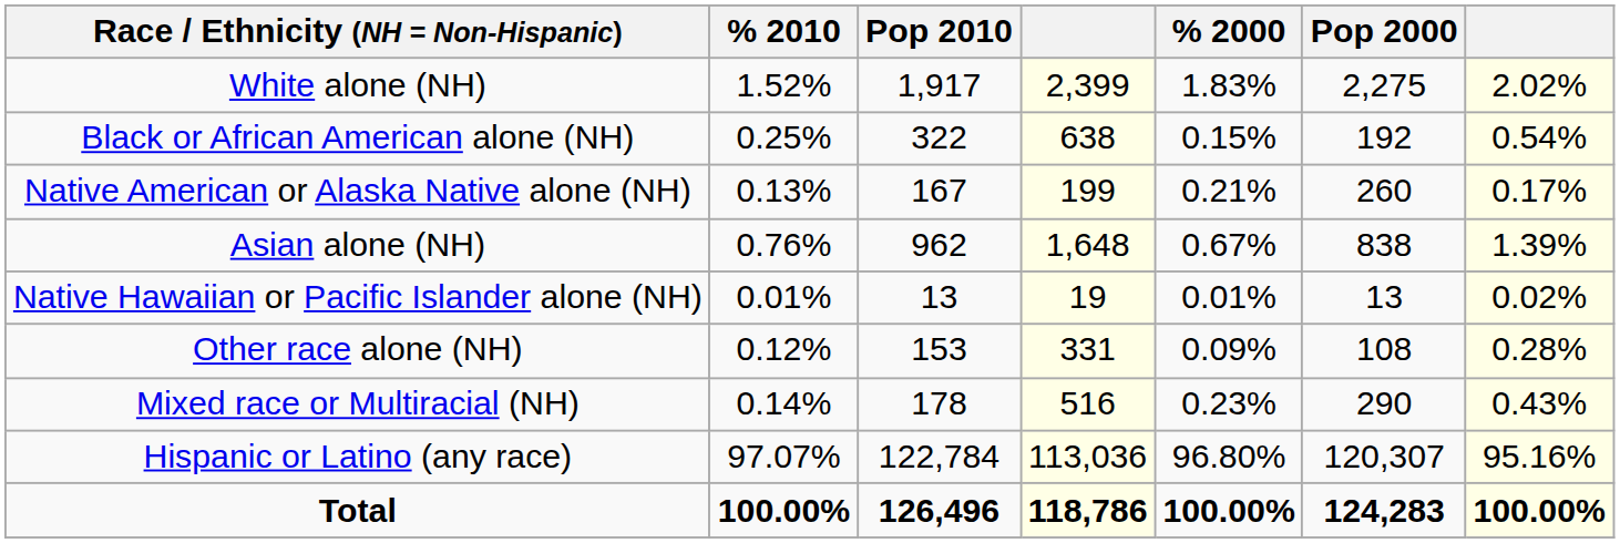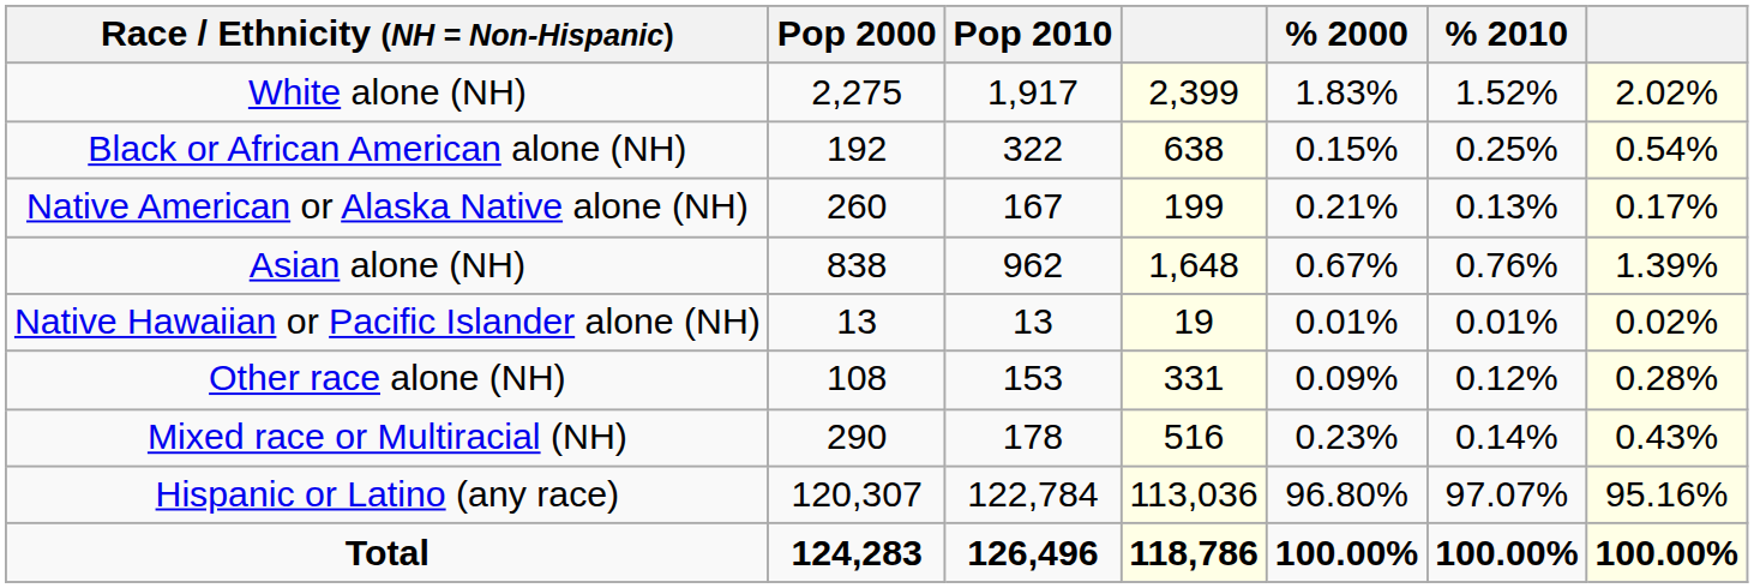 <table class="wikitable" style="text-align:center;">
 <tr>
 <th>Race / Ethnicity <small>(<em>NH = Non-Hispanic</em>)</small></th>
-<th>% 2010</th>
+<th>Pop 2000</th>
 <th>Pop 2010</th>
 <th></th>
 <th>% 2000</th>
-<th>Pop 2000</th>
+<th>% 2010</th>
 <th></th>
 </tr>
 <tr>
 <td><a href='#'>White</a> alone (NH)</td>
-<td>1.52%</td>
+<td>2,275</td>
 <td>1,917</td>
 <td style='background: #ffffe6;'>2,399</td>
 <td>1.83%</td>
-<td>2,275</td>
+<td>1.52%</td>
 <td style='background: #ffffe6;'>2.02%</td>
 </tr>
 <tr>
 <td><a href='#'>Black or African American</a> alone (NH)</td>
-<td>0.25%</td>
+<td>192</td>
 <td>322</td>
 <td style='background: #ffffe6;'>638</td>
 <td>0.15%</td>
-<td>192</td>
+<td>0.25%</td>
 <td style='background: #ffffe6;'>0.54%</td>
 </tr>
 <tr>
 <td><a href='#'>Native American</a> or <a href='#'>Alaska Native</a> alone (NH)</td>
-<td>0.13%</td>
+<td>260</td>
 <td>167</td>
 <td style='background: #ffffe6;'>199</td>
 <td>0.21%</td>
-<td>260</td>
+<td>0.13%</td>
 <td style='background: #ffffe6;'>0.17%</td>
 </tr>
 <tr>
 <td><a href='#'>Asian</a> alone (NH)</td>
-<td>0.76%</td>
+<td>838</td>
 <td>962</td>
 <td style='background: #ffffe6;'>1,648</td>
 <td>0.67%</td>
-<td>838</td>
+<td>0.76%</td>
 <td style='background: #ffffe6;'>1.39%</td>
 </tr>
 <tr>
 <td><a href='#'>Native Hawaiian</a> or <a href='#'>Pacific Islander</a> alone (NH)</td>
-<td>0.01%</td>
+<td>13</td>
 <td>13</td>
 <td style='background: #ffffe6;'>19</td>
 <td>0.01%</td>
-<td>13</td>
+<td>0.01%</td>
 <td style='background: #ffffe6;'>0.02%</td>
 </tr>
 <tr>
 <td><a href='#'>Other race</a> alone (NH)</td>
-<td>0.12%</td>
+<td>108</td>
 <td>153</td>
 <td style='background: #ffffe6;'>331</td>
 <td>0.09%</td>
-<td>108</td>
+<td>0.12%</td>
 <td style='background: #ffffe6;'>0.28%</td>
 </tr>
 <tr>
 <td><a href='#'>Mixed race or Multiracial</a> (NH)</td>
-<td>0.14%</td>
+<td>290</td>
 <td>178</td>
 <td style='background: #ffffe6;'>516</td>
 <td>0.23%</td>
-<td>290</td>
+<td>0.14%</td>
 <td style='background: #ffffe6;'>0.43%</td>
 </tr>
 <tr>
 <td><a href='#'>Hispanic or Latino</a> (any race)</td>
-<td>97.07%</td>
+<td>120,307</td>
 <td>122,784</td>
 <td style='background: #ffffe6;'>113,036</td>
 <td>96.80%</td>
-<td>120,307</td>
+<td>97.07%</td>
 <td style='background: #ffffe6;'>95.16%</td>
 </tr>
 <tr>
 <td><strong>Total</strong></td>
-<td><strong>100.00%</strong></td>
+<td><strong>124,283</strong></td>
 <td><strong>126,496</strong></td>
 <td style='background: #ffffe6;'><strong>118,786</strong></td>
 <td><strong>100.00%</strong></td>
-<td><strong>124,283</strong></td>
+<td><strong>100.00%</strong></td>
 <td style='background: #ffffe6;'><strong>100.00%</strong></td>
 </tr>
 </table>
